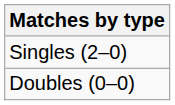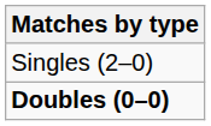 <table class=wikitable>
 <tr>
 <th>Matches by type</th>
 </tr>
 <tr>
 <td>Singles (2–0)</td>
 </tr>
 <tr>
-<td>Doubles (0–0)</td>
+<td><strong>Doubles (0–0)</strong></td>
 </tr>
 </table>
